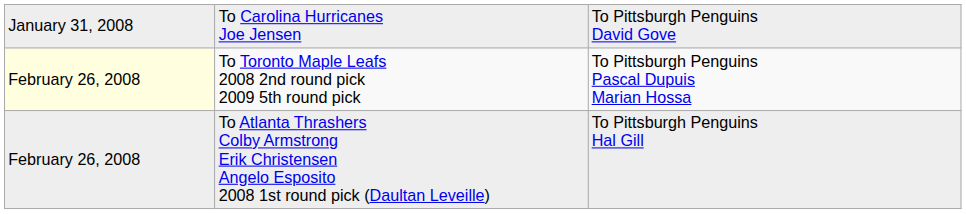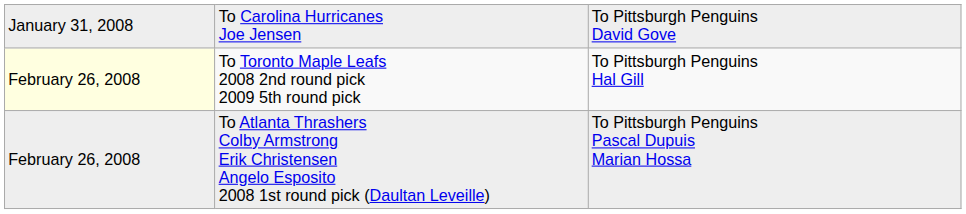 <table class="wikitable" style="border:1px solid #999999; width:75%;">
 <tr bgcolor="eeeeee">
 <td style="width:22%;">January 31, 2008</td>
 <td style="width:39%;" valign="top">To <a href='#'>Carolina Hurricanes</a><br><a href='#'>Joe Jensen</a></td>
 <td style="width:39%;" valign="top">To Pittsburgh Penguins<br><a href='#'>David Gove</a></td>
 </tr>
 <tr>
 <td style="background: lightyellow; width:22%;">February 26, 2008</td>
 <td style="width:39%;" valign="top">To <a href='#'>Toronto Maple Leafs</a><br>2008 2nd round pick<br>2009 5th round pick</td>
-<td style="width:39%;" valign="top">To Pittsburgh Penguins<br><a href='#'>Pascal Dupuis</a><br><a href='#'>Marian Hossa</a></td>
+<td style="width:39%;" valign="top">To Pittsburgh Penguins<br><a href='#'>Hal Gill</a></td>
 </tr>
 <tr bgcolor="eeeeee">
 <td style="width:22%;">February 26, 2008</td>
 <td style="width:39%;" valign="top">To <a href='#'>Atlanta Thrashers</a><br><a href='#'>Colby Armstrong</a><br><a href='#'>Erik Christensen</a><br><a href='#'>Angelo Esposito</a><br>2008 1st round pick (<a href='#'>Daultan Leveille</a>)</td>
-<td style="width:39%;" valign="top">To Pittsburgh Penguins<br><a href='#'>Hal Gill</a></td>
+<td style="width:39%;" valign="top">To Pittsburgh Penguins<br><a href='#'>Pascal Dupuis</a><br><a href='#'>Marian Hossa</a></td>
 </tr>
 </table>
